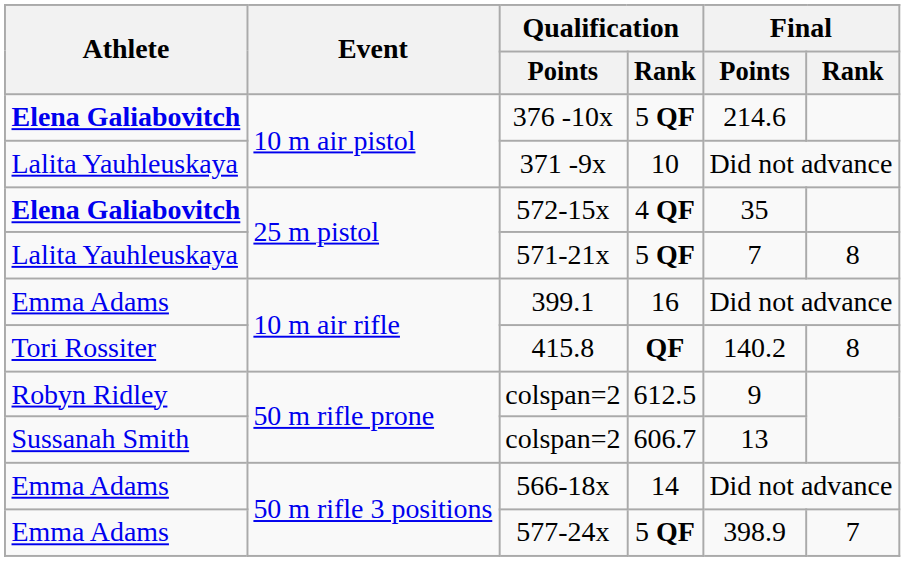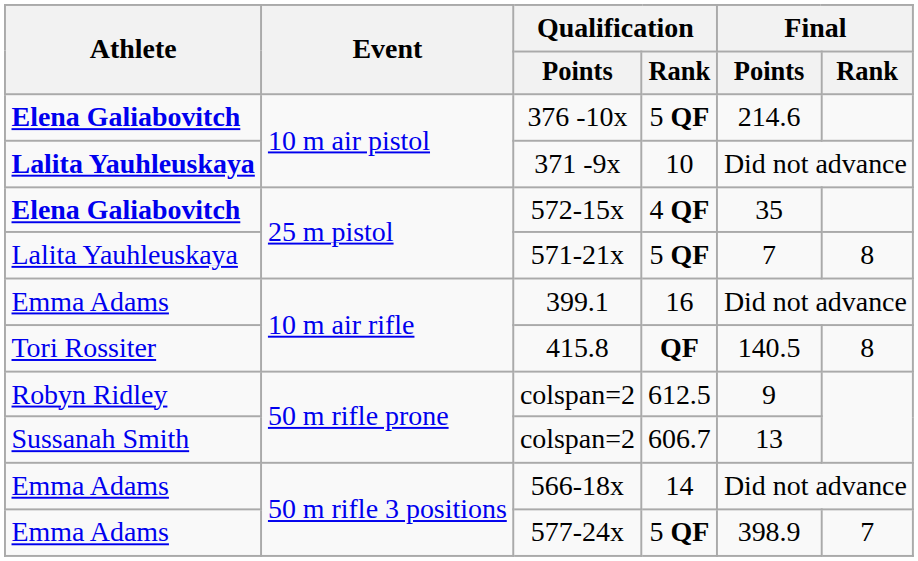 <table class=wikitable style=font-size:90%;text-align:center>
 <tr>
 <th rowspan=2>Athlete</th>
 <th rowspan=2>Event</th>
 <th colspan=2>Qualification</th>
 <th colspan=2>Final</th>
 </tr>
 <tr style=font-size:95%>
 <th>Points</th>
 <th>Rank</th>
 <th>Points</th>
 <th>Rank</th>
 </tr>
 <tr>
 <td align=left><strong><a href='#'>Elena Galiabovitch</a></strong></td>
 <td align=left rowspan=2><a href='#'>10 m air pistol</a></td>
 <td>376 -10x</td>
 <td>5 <strong>QF</strong></td>
 <td>214.6</td>
 <td></td>
 </tr>
 <tr>
-<td align=left><a href='#'>Lalita Yauhleuskaya</a></td>
+<td align=left><strong><a href='#'>Lalita Yauhleuskaya</a></strong></td>
 <td>371 -9x</td>
 <td>10</td>
 <td colspan=2>Did not advance</td>
 </tr>
 <tr>
 <td align=left><strong><a href='#'>Elena Galiabovitch</a></strong></td>
 <td align=left rowspan=2><a href='#'>25 m pistol</a></td>
 <td>572-15x</td>
 <td>4 <strong>QF</strong></td>
 <td>35</td>
 <td></td>
 </tr>
 <tr>
 <td align=left><a href='#'>Lalita Yauhleuskaya</a></td>
 <td>571-21x</td>
 <td>5 <strong>QF</strong></td>
 <td>7</td>
 <td>8</td>
 </tr>
 <tr>
 <td align=left><a href='#'>Emma Adams</a></td>
 <td align=left rowspan=2><a href='#'>10 m air rifle</a></td>
 <td>399.1</td>
 <td>16</td>
 <td colspan=2>Did not advance</td>
 </tr>
 <tr>
 <td align=left><a href='#'>Tori Rossiter</a></td>
 <td>415.8</td>
 <td><strong>QF</strong></td>
-<td>140.2</td>
+<td>140.5</td>
 <td>8</td>
 </tr>
 <tr>
 <td align=left><a href='#'>Robyn Ridley</a></td>
 <td align=left rowspan=2><a href='#'>50 m rifle prone</a></td>
 <td>colspan=2 </td>
 <td>612.5</td>
 <td>9</td>
 </tr>
 <tr>
 <td align=left><a href='#'>Sussanah Smith</a></td>
 <td>colspan=2 </td>
 <td>606.7</td>
 <td>13</td>
 </tr>
 <tr>
 <td align=left><a href='#'>Emma Adams</a></td>
 <td align=left rowspan=2><a href='#'>50 m rifle 3 positions</a></td>
 <td>566-18x</td>
 <td>14</td>
 <td colspan=2>Did not advance</td>
 </tr>
 <tr>
 <td align=left><a href='#'>Emma Adams</a></td>
 <td>577-24x</td>
 <td>5 <strong>QF</strong></td>
 <td>398.9</td>
 <td>7</td>
 </tr>
 </table>
